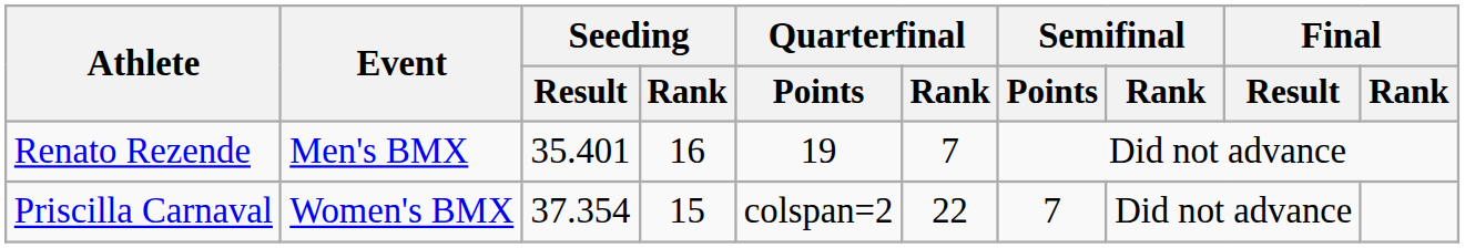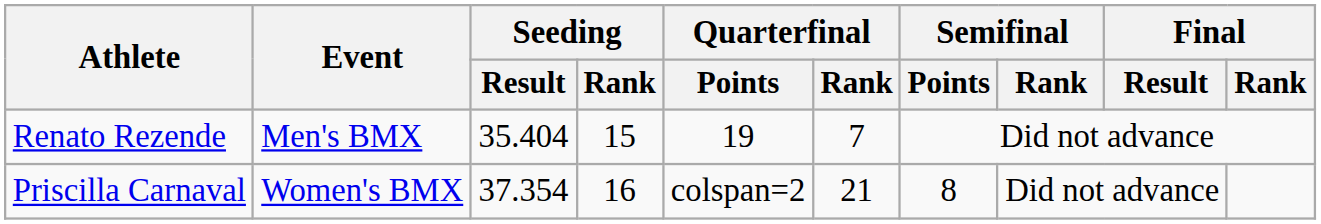 <table class="wikitable" style="font-size:90%">
 <tr>
 <th rowspan="2">Athlete</th>
 <th rowspan="2">Event</th>
 <th colspan="2">Seeding</th>
 <th colspan="2">Quarterfinal</th>
 <th colspan="2">Semifinal</th>
 <th colspan="2">Final</th>
 </tr>
 <tr style="font-size:95%">
 <th>Result</th>
 <th>Rank</th>
 <th>Points</th>
 <th>Rank</th>
 <th>Points</th>
 <th>Rank</th>
 <th>Result</th>
 <th>Rank</th>
 </tr>
 <tr align=center>
 <td align=left><a href='#'>Renato Rezende</a></td>
 <td align=left><a href='#'>Men's BMX</a></td>
-<td>35.401</td>
-<td>16</td>
+<td>35.404</td>
+<td>15</td>
 <td>19</td>
 <td>7</td>
 <td colspan=4>Did not advance</td>
 </tr>
 <tr align=center>
 <td align=left><a href='#'>Priscilla Carnaval</a></td>
 <td align=left><a href='#'>Women's BMX</a></td>
 <td>37.354</td>
-<td>15</td>
+<td>16</td>
 <td>colspan=2 </td>
-<td>22</td>
-<td>7</td>
+<td>21</td>
+<td>8</td>
 <td colspan=2>Did not advance</td>
 </tr>
 </table>
